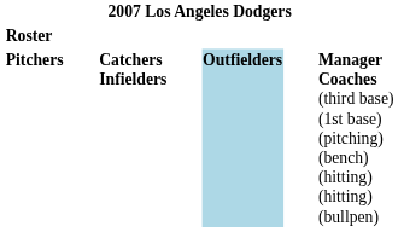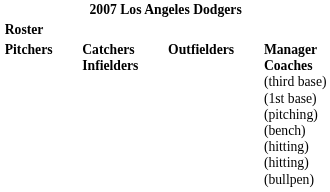 <table class="toccolours" style="font-size: 95%;">
 <tr>
 <th colspan="10">2007 Los Angeles Dodgers</th>
 </tr>
 <tr>
 <td colspan="10"><strong>Roster</strong></td>
 </tr>
 <tr>
 <td valign="top"><strong>Pitchers</strong><br>                                    </td>
 <td width="25px"></td>
 <td valign="top"><strong>Catchers</strong><br>   <strong>Infielders</strong>              </td>
 <td width="25px"></td>
-<td valign="top" style="background: lightblue;"><strong>Outfielders</strong><br>     </td>
+<td valign="top"><strong>Outfielders</strong><br>     </td>
 <td width="25px"></td>
 <td valign="top"><strong>Manager</strong><br> <strong>Coaches</strong>  <br> (third base)  <br>(1st base) <br> (pitching)  <br>(bench)    <br>(hitting)  <br>(hitting)  <br>(bullpen)</td>
 </tr>
 </table>
